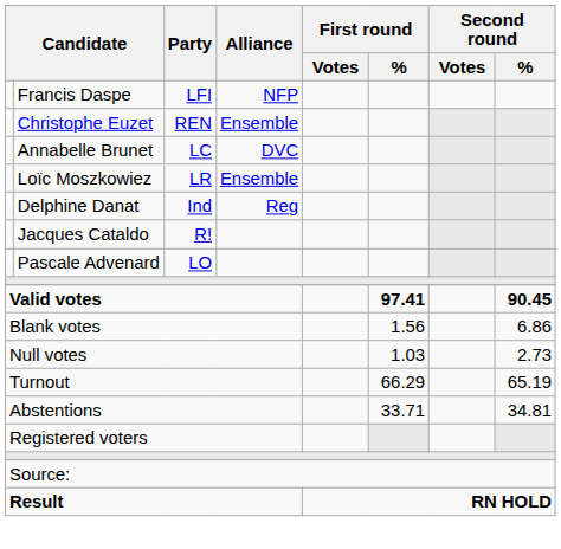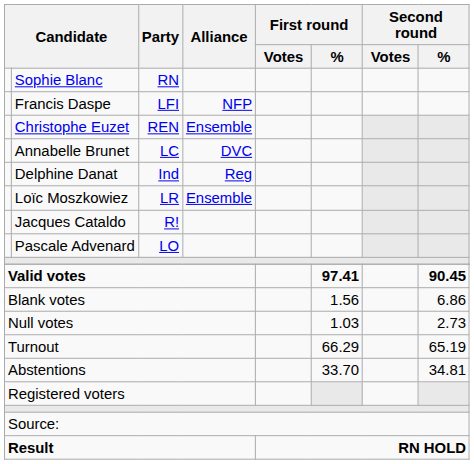 <table class="wikitable" style="text-align:right;font-size:95%;">
 <tr>
 <th colspan="2" rowspan="2">Candidate</th>
 <th colspan="1" rowspan="2">Party</th>
 <th colspan="1" rowspan="2">Alliance</th>
 <th colspan="2">First round</th>
 <th colspan="2">Second round</th>
 </tr>
 <tr>
 <th style="width:50px;">Votes</th>
 <th style="width:45px;">%</th>
 <th style="width:50px;">Votes</th>
 <th style="width:45px;">%</th>
+</tr>
+<tr>
+<td style="color:inherit;background:"></td>
+<td style="text-align:left;"><a href='#'>Sophie Blanc</a></td>
+<td><a href='#'>RN</a></td>
+<td></td>
+<td></td>
+<td></td>
+<td><strong></strong></td>
+<td><strong></strong></td>
 </tr>
 <tr>
 <td style="color:inherit;background:"></td>
 <td style="text-align:left;">Francis Daspe</td>
 <td><a href='#'>LFI</a></td>
 <td><a href='#'>NFP</a></td>
 <td></td>
 <td></td>
 <td></td>
 <td></td>
 </tr>
 <tr>
 <td style="color:inherit;background:"></td>
 <td style="text-align:left;"><a href='#'>Christophe Euzet</a></td>
 <td><a href='#'>REN</a></td>
 <td><a href='#'>Ensemble</a></td>
 <td></td>
 <td></td>
 <td style="background:#E9E9E9;"></td>
 <td style="background:#E9E9E9;"></td>
 </tr>
 <tr>
 <td style="color:inherit;background:"></td>
 <td style="text-align:left;">Annabelle Brunet</td>
 <td><a href='#'>LC</a></td>
 <td><a href='#'>DVC</a></td>
 <td></td>
 <td></td>
 <td style="background:#E9E9E9;"></td>
 <td style="background:#E9E9E9;"></td>
 </tr>
 <tr>
 <td style="color:inherit;background:"></td>
-<td style="text-align:left;">Loïc Moszkowiez</td>
-<td><a href='#'>LR</a></td>
-<td><a href='#'>Ensemble</a></td>
+<td style="text-align:left;">Delphine Danat</td>
+<td><a href='#'>Ind</a></td>
+<td><a href='#'>Reg</a></td>
 <td></td>
 <td></td>
 <td style="background:#E9E9E9;"></td>
 <td style="background:#E9E9E9;"></td>
 </tr>
 <tr>
 <td style="color:inherit;background:"></td>
-<td style="text-align:left;">Delphine Danat</td>
-<td><a href='#'>Ind</a></td>
-<td><a href='#'>Reg</a></td>
+<td style="text-align:left;">Loïc Moszkowiez</td>
+<td><a href='#'>LR</a></td>
+<td><a href='#'>Ensemble</a></td>
 <td></td>
 <td></td>
 <td style="background:#E9E9E9;"></td>
 <td style="background:#E9E9E9;"></td>
 </tr>
 <tr>
 <td style="color:inherit;background:"></td>
 <td style="text-align:left;">Jacques Cataldo</td>
 <td><a href='#'>R!</a></td>
 <td></td>
 <td></td>
 <td></td>
 <td style="background:#E9E9E9;"></td>
 <td style="background:#E9E9E9;"></td>
 </tr>
 <tr>
 <td style="color:inherit;background:"></td>
 <td style="text-align:left;">Pascale Advenard</td>
 <td><a href='#'>LO</a></td>
 <td></td>
 <td></td>
 <td></td>
 <td style="background:#E9E9E9;"></td>
 <td style="background:#E9E9E9;"></td>
 </tr>
 <tr>
 <td colspan="8" style="background:#E9E9E9;"></td>
 </tr>
 <tr>
 </tr>
 <tr style="font-weight:bold;">
 <td colspan="4" style="text-align:left;">Valid votes</td>
 <td></td>
 <td>97.41</td>
 <td></td>
 <td>90.45</td>
 </tr>
 <tr>
 <td colspan="4" style="text-align:left;">Blank votes</td>
 <td></td>
 <td>1.56</td>
 <td></td>
 <td>6.86</td>
 </tr>
 <tr>
 <td colspan="4" style="text-align:left;">Null votes</td>
 <td></td>
 <td>1.03</td>
 <td></td>
 <td>2.73</td>
 </tr>
 <tr>
 <td colspan="4" style="text-align:left;">Turnout</td>
 <td></td>
 <td>66.29</td>
 <td></td>
 <td>65.19</td>
 </tr>
 <tr>
 <td colspan="4" style="text-align:left;">Abstentions</td>
 <td></td>
-<td>33.71</td>
+<td>33.70</td>
 <td></td>
 <td>34.81</td>
 </tr>
 <tr>
 <td colspan="4" style="text-align:left;">Registered voters</td>
 <td></td>
 <td style="background:#E9E9E9;"></td>
 <td></td>
 <td style="background:#E9E9E9;"></td>
 </tr>
 <tr>
 <td colspan="8" style="background:#E9E9E9;"></td>
 </tr>
 <tr>
 <td colspan="8" style="text-align:left;">Source: </td>
 </tr>
 <tr style="font-weight:bold">
 <td colspan="4" style="text-align:left;">Result</td>
 <td colspan="4" style="background-color:">RN HOLD</td>
 </tr>
 </table>
